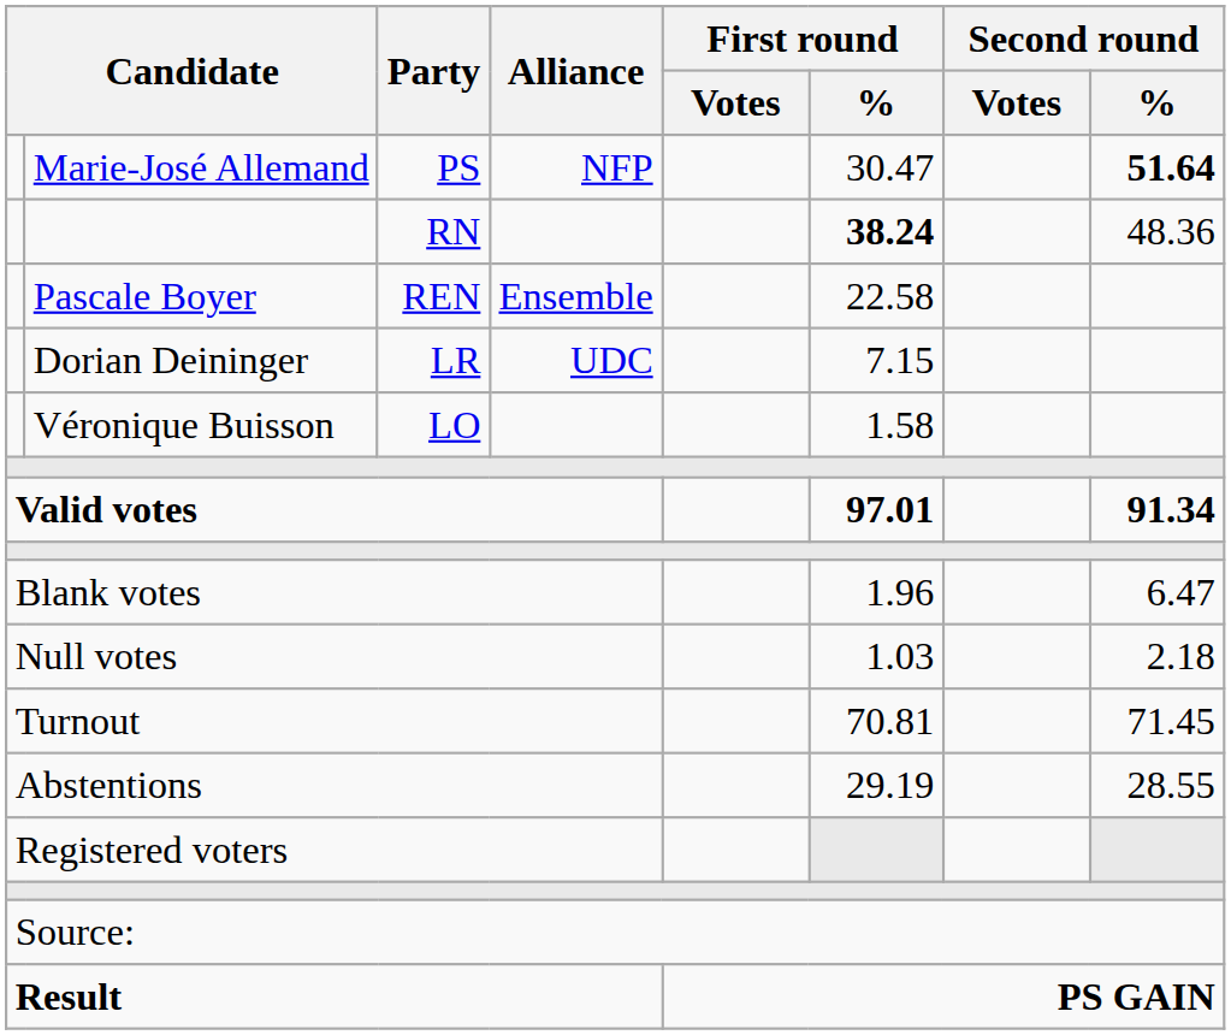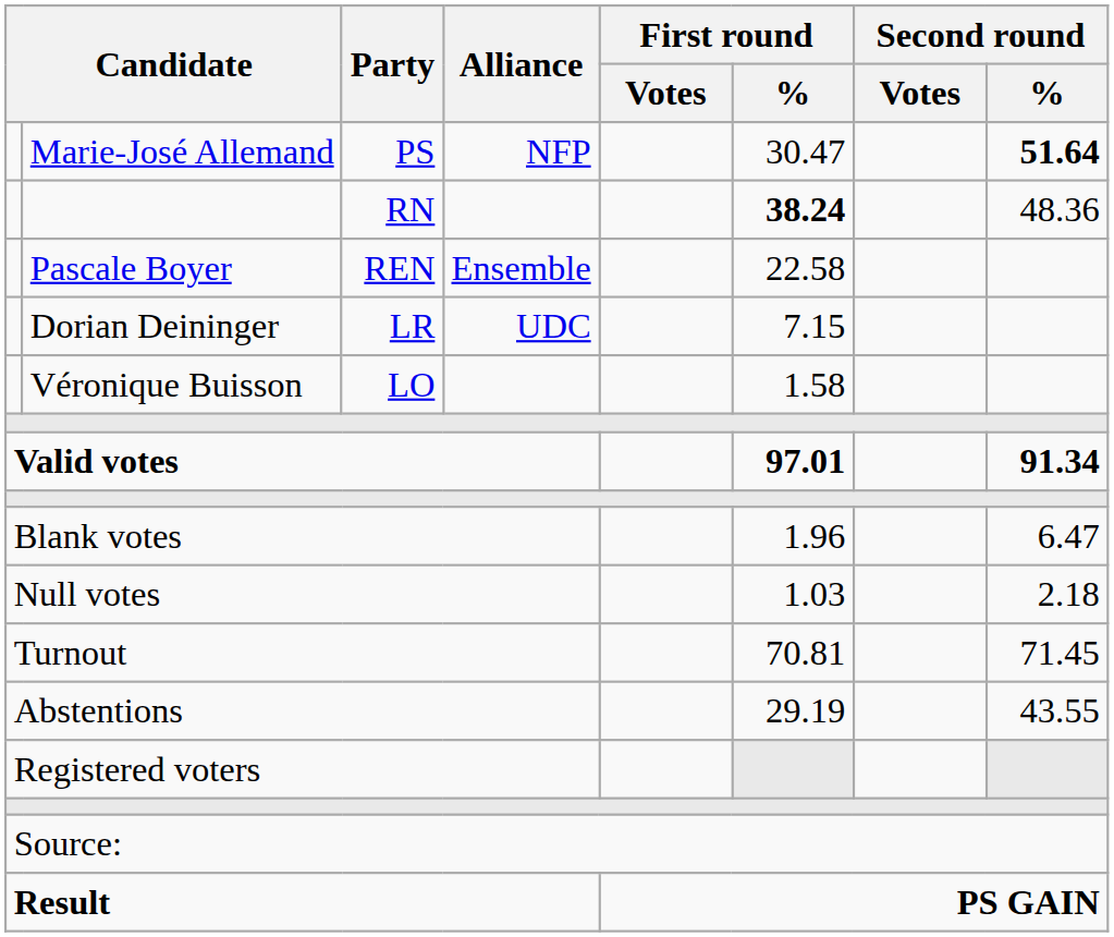 <table class="wikitable" style="text-align:right;font-size:95%;">
 <tr>
 <th colspan="2" rowspan="2">Candidate</th>
 <th colspan="1" rowspan="2">Party</th>
 <th colspan="1" rowspan="2">Alliance</th>
 <th colspan="2">First round</th>
 <th colspan="2">Second round</th>
 </tr>
 <tr>
 <th style="width:50px;">Votes</th>
 <th style="width:45px;">%</th>
 <th style="width:50px;">Votes</th>
 <th style="width:45px;">%</th>
 </tr>
 <tr>
 <td style="color:inherit;background:"></td>
 <td style="text-align:left;"><a href='#'>Marie-José Allemand</a></td>
 <td><a href='#'>PS</a></td>
 <td><a href='#'>NFP</a></td>
 <td></td>
 <td>30.47</td>
 <td><strong></strong></td>
 <td><strong>51.64</strong></td>
 </tr>
 <tr>
 <td style="color:inherit;background:"></td>
 <td style="text-align:left;"></td>
 <td><a href='#'>RN</a></td>
 <td></td>
 <td><strong></strong></td>
 <td><strong>38.24</strong></td>
 <td></td>
 <td>48.36</td>
 </tr>
 <tr>
 <td style="color:inherit;background:"></td>
 <td style="text-align:left;"><a href='#'>Pascale Boyer</a></td>
 <td><a href='#'>REN</a></td>
 <td><a href='#'>Ensemble</a></td>
 <td></td>
 <td>22.58</td>
 <td></td>
 <td></td>
 </tr>
 <tr>
 <td style="color:inherit;background:"></td>
 <td style="text-align:left;">Dorian Deininger</td>
 <td><a href='#'>LR</a></td>
 <td><a href='#'>UDC</a></td>
 <td></td>
 <td>7.15</td>
 <td></td>
 <td></td>
 </tr>
 <tr>
 <td style="color:inherit;background:"></td>
 <td style="text-align:left;">Véronique Buisson</td>
 <td><a href='#'>LO</a></td>
 <td></td>
 <td></td>
 <td>1.58</td>
 <td></td>
 <td></td>
 </tr>
 <tr>
 <td colspan="8" style="background:#E9E9E9;"></td>
 </tr>
 <tr style="font-weight:bold;">
 <td colspan="4" style="text-align:left;">Valid votes</td>
 <td></td>
 <td>97.01</td>
 <td></td>
 <td>91.34</td>
 </tr>
 <tr>
 <td colspan="8" style="background:#E9E9E9;"></td>
 </tr>
 <tr>
 <td colspan="4" style="text-align:left;">Blank votes</td>
 <td></td>
 <td>1.96</td>
 <td></td>
 <td>6.47</td>
 </tr>
 <tr>
 <td colspan="4" style="text-align:left;">Null votes</td>
 <td></td>
 <td>1.03</td>
 <td></td>
 <td>2.18</td>
 </tr>
 <tr>
 <td colspan="4" style="text-align:left;">Turnout</td>
 <td></td>
 <td>70.81</td>
 <td></td>
 <td>71.45</td>
 </tr>
 <tr>
 <td colspan="4" style="text-align:left;">Abstentions</td>
 <td></td>
 <td>29.19</td>
 <td></td>
-<td>28.55</td>
+<td>43.55</td>
 </tr>
 <tr>
 <td colspan="4" style="text-align:left;">Registered voters</td>
 <td></td>
 <td style="background:#E9E9E9;"></td>
 <td></td>
 <td style="background:#E9E9E9;"></td>
 </tr>
 <tr>
 <td colspan="8" style="background:#E9E9E9;"></td>
 </tr>
 <tr>
 <td colspan="8" style="text-align:left;">Source: </td>
 </tr>
 <tr style="font-weight:bold">
 <td colspan="4" style="text-align:left;">Result</td>
 <td colspan="4" style="background-color:">PS GAIN</td>
 </tr>
 </table>
